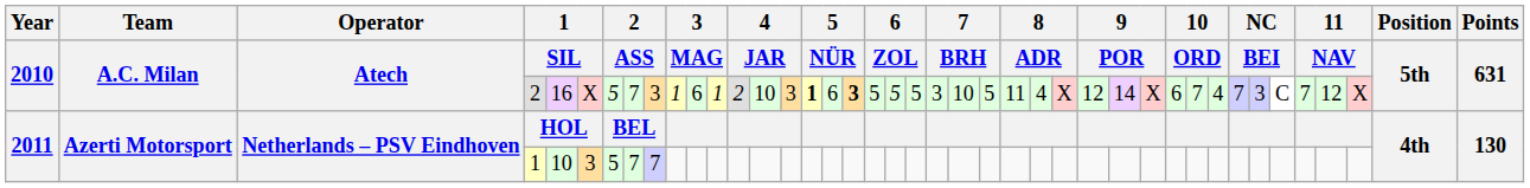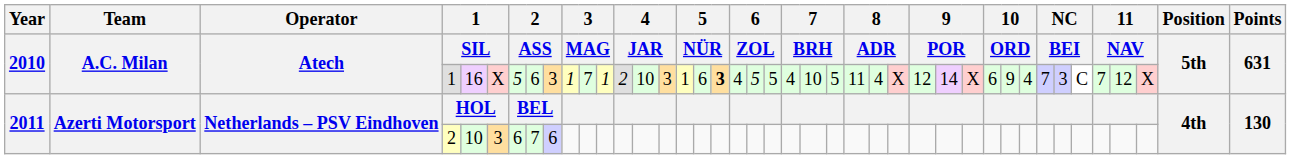 <table class="wikitable" style="text-align:center; font-size:85%">
 <tr>
 <th>Year</th>
 <th>Team</th>
 <th>Operator</th>
 <th colspan=3>1</th>
 <th colspan=3>2</th>
 <th colspan=3>3</th>
 <th colspan=3>4</th>
 <th colspan=3>5</th>
 <th colspan=3>6</th>
 <th colspan=3>7</th>
 <th colspan=3>8</th>
 <th colspan=3>9</th>
 <th colspan=3>10</th>
 <th colspan=3>NC</th>
 <th colspan=3>11</th>
 <th>Position</th>
 <th>Points</th>
 </tr>
 <tr>
 <th rowspan=2><a href='#'>2010</a></th>
 <th rowspan=2 nowrap><a href='#'>A.C. Milan</a></th>
 <th rowspan=2 nowrap><a href='#'>Atech</a></th>
 <th colspan=3><a href='#'>SIL</a><br></th>
 <th colspan=3><a href='#'>ASS</a><br></th>
 <th colspan=3><a href='#'>MAG</a><br></th>
 <th colspan=3><a href='#'>JAR</a><br></th>
 <th colspan=3><a href='#'>NÜR</a><br></th>
 <th colspan=3><a href='#'>ZOL</a><br></th>
 <th colspan=3><a href='#'>BRH</a></th>
 <th colspan=3><a href='#'>ADR</a><br></th>
 <th colspan=3><a href='#'>POR</a><br></th>
 <th colspan=3><a href='#'>ORD</a><br></th>
 <th colspan=3><a href='#'>BEI</a><br></th>
 <th colspan=3><a href='#'>NAV</a><br></th>
 <th rowspan=2>5th</th>
 <th rowspan=2>631</th>
 </tr>
 <tr>
-<td style="background:#dfdfdf;">2</td>
+<td style="background:#dfdfdf;">1</td>
 <td style="background:#efcfff;">16</td>
 <td style="background:#ffcfcf;">X</td>
 <td style="background:#dfffdf;"><em>5</em></td>
-<td style="background:#dfffdf;">7</td>
+<td style="background:#dfffdf;">6</td>
 <td style="background:#ffdf9f;">3</td>
 <td style="background:#ffffbf;"><em>1</em></td>
-<td style="background:#dfffdf;">6</td>
+<td style="background:#dfffdf;">7</td>
 <td style="background:#ffffbf;"><em>1</em></td>
 <td style="background:#dfdfdf;"><em>2</em></td>
 <td style="background:#dfffdf;">10</td>
 <td style="background:#ffdf9f;">3</td>
-<td style="background:#ffffbf;"><strong>1</strong></td>
+<td style="background:#ffffbf;">1</td>
 <td style="background:#dfffdf;">6</td>
 <td style="background:#ffdf9f;"><strong>3</strong></td>
-<td style="background:#dfffdf;">5</td>
+<td style="background:#dfffdf;">4</td>
 <td style="background:#dfffdf;"><em>5</em></td>
 <td style="background:#dfffdf;">5</td>
-<td style="background:#dfffdf;">3</td>
+<td style="background:#dfffdf;">4</td>
 <td style="background:#dfffdf;">10</td>
 <td style="background:#dfffdf;">5</td>
 <td style="background:#dfffdf;">11</td>
 <td style="background:#dfffdf;">4</td>
 <td style="background:#ffcfcf;">X</td>
 <td style="background:#dfffdf;">12</td>
 <td style="background:#efcfff;">14</td>
 <td style="background:#ffcfcf;">X</td>
 <td style="background:#dfffdf;">6</td>
-<td style="background:#dfffdf;">7</td>
+<td style="background:#dfffdf;">9</td>
 <td style="background:#dfffdf;">4</td>
 <td style="background:#cfcfff;">7</td>
 <td style="background:#cfcfff;">3</td>
 <td style="background:#ffffff;">C</td>
 <td style="background:#dfffdf;">7</td>
 <td style="background:#dfffdf;">12</td>
 <td style="background:#ffcfcf;">X</td>
 </tr>
 <tr>
 <th rowspan=2><a href='#'>2011</a></th>
 <th rowspan=2 nowrap><a href='#'>Azerti Motorsport</a></th>
 <th rowspan=2 nowrap><a href='#'>Netherlands – PSV Eindhoven</a></th>
 <th colspan=3><a href='#'>HOL</a> <br></th>
 <th colspan=3><a href='#'>BEL</a><br></th>
 <th colspan=3></th>
 <th colspan=3></th>
 <th colspan=3></th>
 <th colspan=3></th>
 <th colspan=3></th>
 <th colspan=3></th>
 <th colspan=3></th>
 <th colspan=3></th>
 <th colspan=3></th>
 <th colspan=3></th>
 <th rowspan=2>4th</th>
 <th rowspan=2>130</th>
 </tr>
 <tr>
-<td style="background:#ffffbf;">1</td>
+<td style="background:#ffffbf;">2</td>
 <td style="background:#dfffdf;">10</td>
 <td style="background:#ffdf9f;">3</td>
-<td style="background:#dfffdf;">5</td>
+<td style="background:#dfffdf;">6</td>
 <td style="background:#dfffdf;">7</td>
-<td style="background:#cfcfff;">7</td>
+<td style="background:#cfcfff;">6</td>
 <td></td>
 <td></td>
 <td></td>
 <td></td>
 <td></td>
 <td></td>
 <td></td>
 <td></td>
 <td></td>
 <td></td>
 <td></td>
 <td></td>
 <td></td>
 <td></td>
 <td></td>
 <td></td>
 <td></td>
 <td></td>
 <td></td>
 <td></td>
 <td></td>
 <td></td>
 <td></td>
 <td></td>
 <td></td>
 <td></td>
 <td></td>
 <td></td>
 <td></td>
 <td></td>
 </tr>
 </table>
